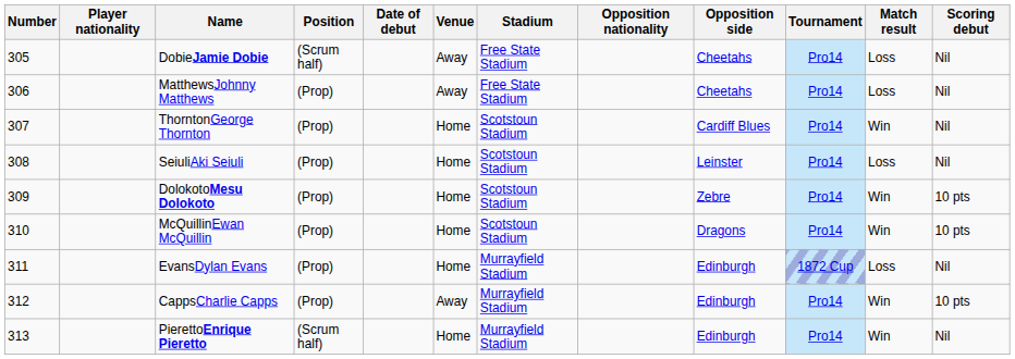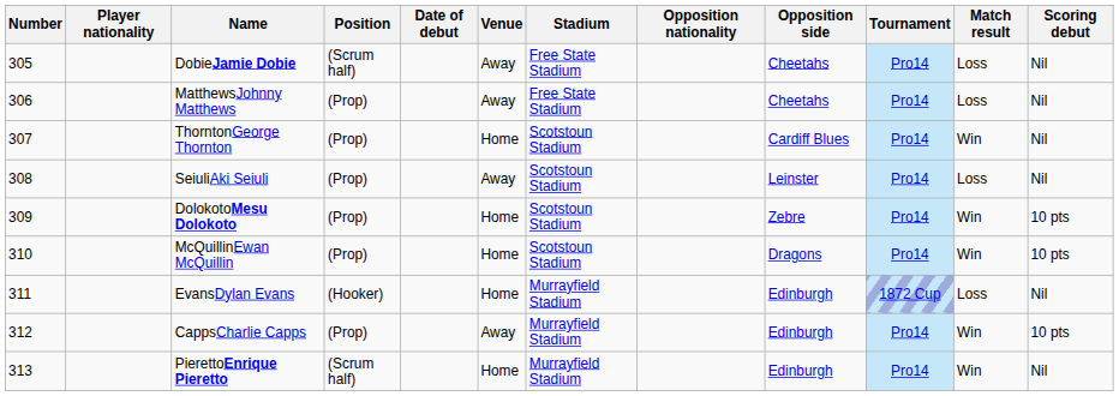 <table class="sortable wikitable">
 <tr>
 <th data-sort-type="number">Number</th>
 <th>Player nationality</th>
 <th>Name</th>
 <th>Position</th>
 <th>Date of debut</th>
 <th>Venue</th>
 <th>Stadium</th>
 <th>Opposition nationality</th>
 <th>Opposition side</th>
 <th>Tournament</th>
 <th>Match result</th>
 <th>Scoring debut</th>
 </tr>
 <tr>
 <td>305</td>
 <td style="text-align:center;"></td>
 <td><span>Dobie</span><strong><a href='#'>Jamie Dobie</a></strong></td>
 <td>(Scrum half)</td>
 <td></td>
 <td>Away</td>
 <td><a href='#'>Free State Stadium</a></td>
 <td style="text-align:center;"></td>
 <td><a href='#'>Cheetahs</a></td>
 <td style="text-align:center; background:#C6E7FA;"><a href='#'>Pro14</a></td>
 <td>Loss</td>
 <td>Nil</td>
 </tr>
 <tr>
 <td>306</td>
 <td style="text-align:center;"></td>
 <td><span>Matthews</span><a href='#'>Johnny Matthews</a></td>
 <td>(Prop)</td>
 <td></td>
 <td>Away</td>
 <td><a href='#'>Free State Stadium</a></td>
 <td style="text-align:center;"></td>
 <td><a href='#'>Cheetahs</a></td>
 <td style="text-align:center; background:#C6E7FA;"><a href='#'>Pro14</a></td>
 <td>Loss</td>
 <td>Nil</td>
 </tr>
 <tr>
 <td>307</td>
 <td style="text-align:center;"></td>
 <td><span>Thornton</span><a href='#'>George Thornton</a></td>
 <td>(Prop)</td>
 <td></td>
 <td>Home</td>
 <td><a href='#'>Scotstoun Stadium</a></td>
 <td style="text-align:center;"></td>
 <td><a href='#'>Cardiff Blues</a></td>
 <td style="text-align:center; background:#C6E7FA;"><a href='#'>Pro14</a></td>
 <td>Win</td>
 <td>Nil</td>
 </tr>
 <tr>
 <td>308</td>
 <td style="text-align:center;"></td>
 <td><span>Seiuli</span><a href='#'>Aki Seiuli</a></td>
 <td>(Prop)</td>
 <td></td>
-<td>Home</td>
+<td>Away</td>
 <td><a href='#'>Scotstoun Stadium</a></td>
 <td style="text-align:center;"></td>
 <td><a href='#'>Leinster</a></td>
 <td style="text-align:center; background:#C6E7FA;"><a href='#'>Pro14</a></td>
 <td>Loss</td>
 <td>Nil</td>
 </tr>
 <tr>
 <td>309</td>
 <td style="text-align:center;"></td>
 <td><span>Dolokoto</span><strong><a href='#'>Mesu Dolokoto</a></strong></td>
 <td>(Prop)</td>
 <td></td>
 <td>Home</td>
 <td><a href='#'>Scotstoun Stadium</a></td>
 <td style="text-align:center;"></td>
 <td><a href='#'>Zebre</a></td>
 <td style="text-align:center; background:#C6E7FA;"><a href='#'>Pro14</a></td>
 <td>Win</td>
 <td>10 pts</td>
 </tr>
 <tr>
 <td>310</td>
 <td style="text-align:center;"></td>
 <td><span>McQuillin</span><a href='#'>Ewan McQuillin</a></td>
 <td>(Prop)</td>
 <td></td>
 <td>Home</td>
 <td><a href='#'>Scotstoun Stadium</a></td>
 <td style="text-align:center;"></td>
 <td><a href='#'>Dragons</a></td>
 <td style="text-align:center; background:#C6E7FA;"><a href='#'>Pro14</a></td>
 <td>Win</td>
 <td>10 pts</td>
 </tr>
 <tr>
 <td>311</td>
 <td style="text-align:center;"></td>
 <td><span>Evans</span><a href='#'>Dylan Evans</a></td>
-<td>(Prop)</td>
+<td>(Hooker)</td>
 <td></td>
 <td>Home</td>
 <td><a href='#'>Murrayfield Stadium</a></td>
 <td style="text-align:center;"></td>
 <td><a href='#'>Edinburgh</a></td>
 <td style="text-align:center; background:repeating-linear-gradient(-55deg, #9DABDD, #9DABDD 10px, #C6E7FA 10px, #C6E7FA 20px);"><a href='#'>1872 Cup</a></td>
 <td>Loss</td>
 <td>Nil</td>
 </tr>
 <tr>
 <td>312</td>
 <td style="text-align:center;"></td>
 <td><span>Capps</span><a href='#'>Charlie Capps</a></td>
 <td>(Prop)</td>
 <td></td>
 <td>Away</td>
 <td><a href='#'>Murrayfield Stadium</a></td>
 <td style="text-align:center;"></td>
 <td><a href='#'>Edinburgh</a></td>
 <td style="text-align:center; background:#C6E7FA;"><a href='#'>Pro14</a></td>
 <td>Win</td>
 <td>10 pts</td>
 </tr>
 <tr>
 <td>313</td>
 <td style="text-align:center;"></td>
 <td><span>Pieretto</span><strong><a href='#'>Enrique Pieretto</a></strong></td>
 <td>(Scrum half)</td>
 <td></td>
 <td>Home</td>
 <td><a href='#'>Murrayfield Stadium</a></td>
 <td style="text-align:center;"></td>
 <td><a href='#'>Edinburgh</a></td>
 <td style="text-align:center; background:#C6E7FA;"><a href='#'>Pro14</a></td>
 <td>Win</td>
 <td>Nil</td>
 </tr>
 </table>
